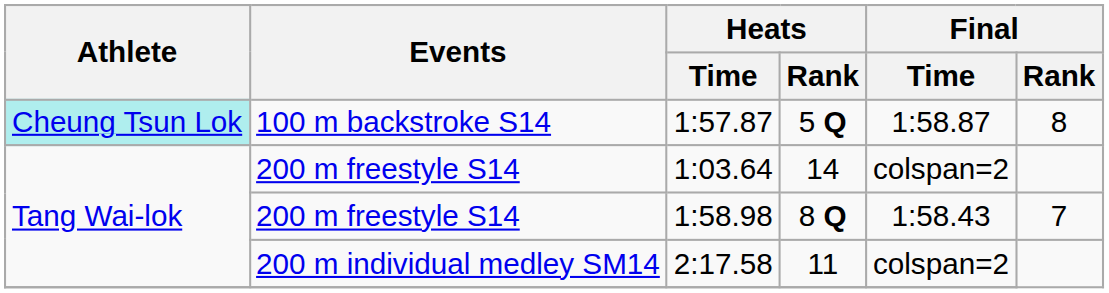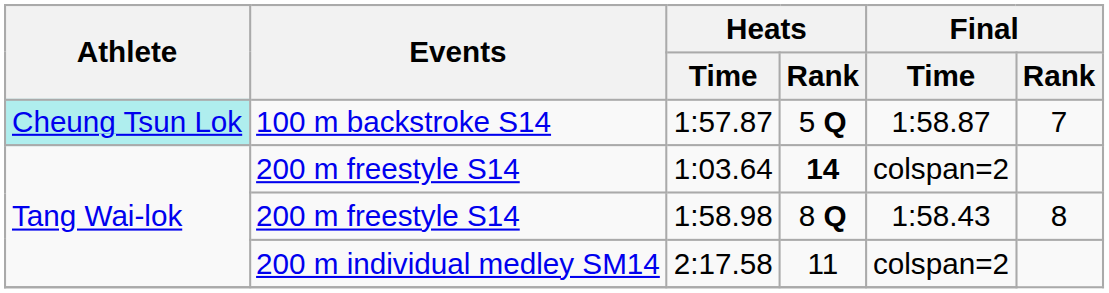 <table class=wikitable style="font-size:90%">
 <tr>
 <th rowspan="2">Athlete</th>
 <th rowspan="2">Events</th>
 <th colspan="2">Heats</th>
 <th colspan="2">Final</th>
 </tr>
 <tr>
 <th>Time</th>
 <th>Rank</th>
 <th>Time</th>
 <th>Rank</th>
 </tr>
 <tr style="text-align:center">
 <td style="background: paleturquoise; text-align:left"><a href='#'>Cheung Tsun Lok</a></td>
 <td style="text-align:left"><a href='#'>100 m backstroke S14</a></td>
 <td>1:57.87</td>
 <td>5 <strong>Q</strong></td>
 <td>1:58.87</td>
-<td>8</td>
+<td>7</td>
 </tr>
 <tr style="text-align:center">
 <td style="text-align:left" rowspan=3><a href='#'>Tang Wai-lok</a></td>
 <td style="text-align:left"><a href='#'>200 m freestyle S14</a></td>
 <td>1:03.64</td>
-<td>14</td>
+<td><strong>14</strong></td>
 <td>colspan=2 </td>
 </tr>
 <tr style="text-align:center">
 <td style="text-align:left"><a href='#'>200 m freestyle S14</a></td>
 <td>1:58.98</td>
 <td>8 <strong>Q</strong></td>
 <td>1:58.43</td>
-<td>7</td>
+<td>8</td>
 </tr>
 <tr style="text-align:center">
 <td style="text-align:left"><a href='#'>200 m individual medley SM14</a></td>
 <td>2:17.58</td>
 <td>11</td>
 <td>colspan=2 </td>
 </tr>
 <tr style="text-align:center">
 </tr>
 </table>
